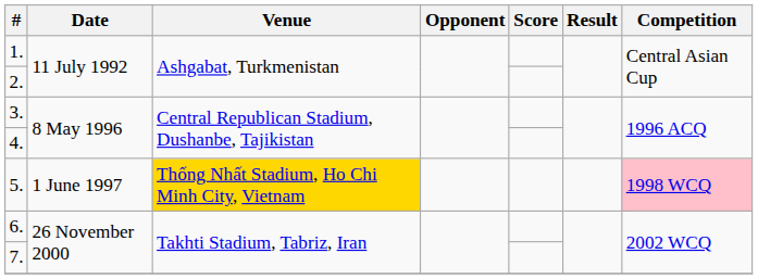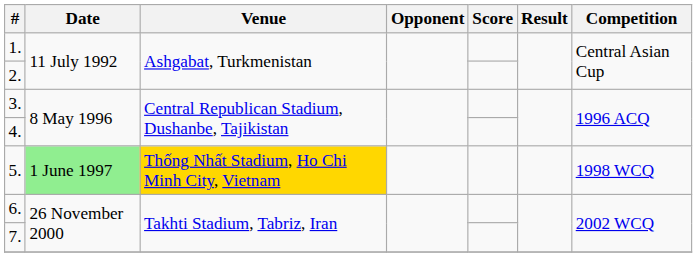 <table class="wikitable" style="font-size:95%;">
 <tr>
 <th>#</th>
 <th>Date</th>
 <th>Venue</th>
 <th>Opponent</th>
 <th>Score</th>
 <th>Result</th>
 <th>Competition</th>
 </tr>
 <tr>
 <td>1.</td>
 <td rowspan="2">11 July 1992</td>
 <td rowspan="2"><a href='#'>Ashgabat</a>, Turkmenistan</td>
 <td rowspan="2"></td>
 <td></td>
 <td rowspan="2"></td>
 <td rowspan="2">Central Asian Cup</td>
 </tr>
 <tr>
 <td>2.</td>
 <td></td>
 </tr>
 <tr>
 <td>3.</td>
 <td rowspan="2">8 May 1996</td>
 <td rowspan="2"><a href='#'>Central Republican Stadium</a>, <a href='#'>Dushanbe</a>, <a href='#'>Tajikistan</a></td>
 <td rowspan="2"></td>
 <td></td>
 <td rowspan="2"></td>
 <td rowspan="2"><a href='#'>1996 ACQ</a></td>
 </tr>
 <tr>
 <td>4.</td>
 <td></td>
 </tr>
 <tr>
 <td>5.</td>
-<td>1 June 1997</td>
+<td style="background: lightgreen;">1 June 1997</td>
 <td style="background: gold;"><a href='#'>Thống Nhất Stadium</a>, <a href='#'>Ho Chi Minh City</a>, <a href='#'>Vietnam</a></td>
 <td></td>
 <td></td>
 <td></td>
-<td style="background: pink;"><a href='#'>1998 WCQ</a></td>
+<td><a href='#'>1998 WCQ</a></td>
 </tr>
 <tr>
 <td>6.</td>
 <td rowspan="2">26 November 2000</td>
 <td rowspan="2"><a href='#'>Takhti Stadium</a>, <a href='#'>Tabriz</a>, <a href='#'>Iran</a></td>
 <td rowspan="2"></td>
 <td></td>
 <td rowspan="2"></td>
 <td rowspan="2"><a href='#'>2002 WCQ</a></td>
 </tr>
 <tr>
 <td>7.</td>
 <td></td>
 </tr>
 <tr>
 </tr>
 </table>
